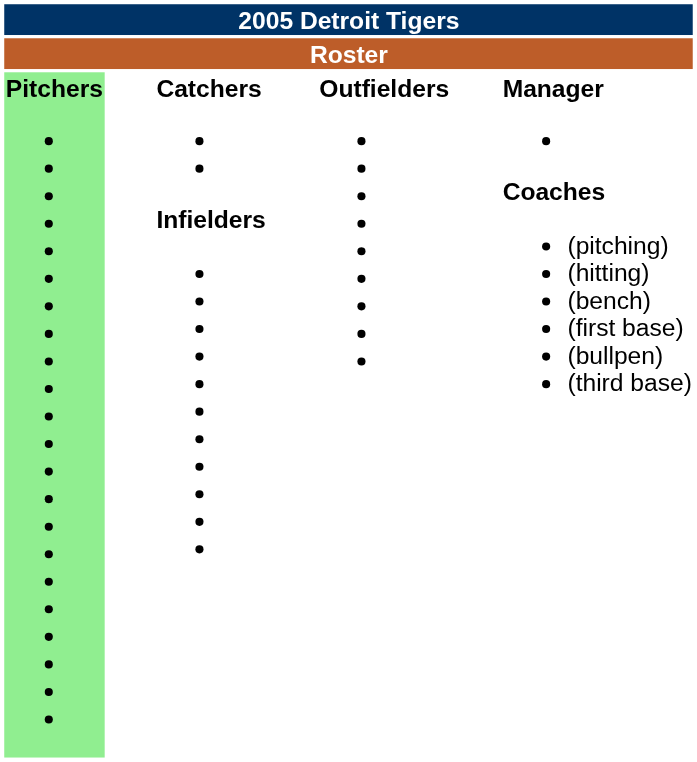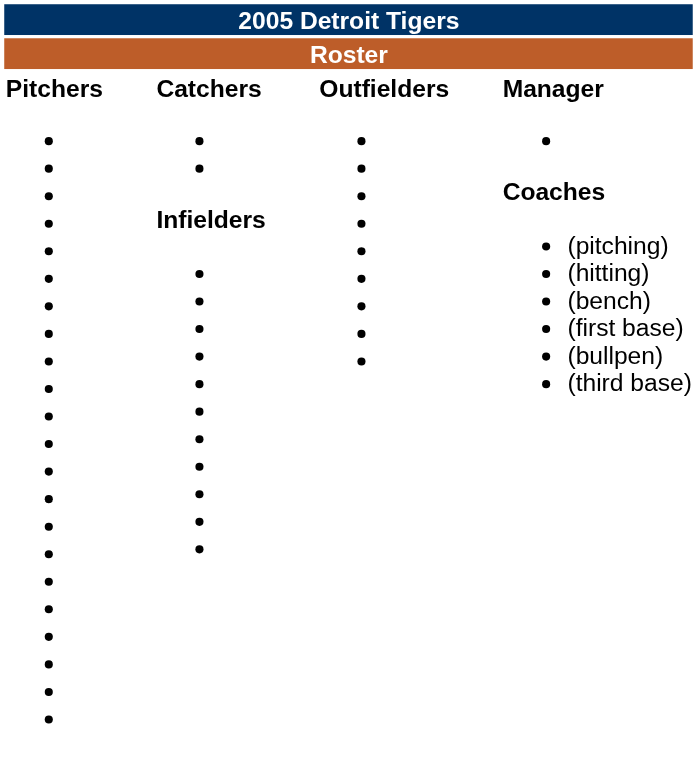 <table class="toccolours" style="font-size: 95%;">
 <tr>
 <th colspan="10" style="background-color: #003366; color: white; text-align: center;">2005 Detroit Tigers</th>
 </tr>
 <tr>
 <td colspan="10" style="background-color: #bd5d29; color: white; text-align: center;"><strong>Roster</strong></td>
 </tr>
 <tr>
-<td valign="top" style="background: lightgreen;"><strong>Pitchers</strong><br><ul><li></li><li></li><li></li><li></li><li></li><li></li><li></li><li></li><li></li><li></li><li></li><li></li><li></li><li></li><li></li><li></li><li></li><li></li><li></li><li></li><li></li><li></li></ul></td>
+<td valign="top"><strong>Pitchers</strong><br><ul><li></li><li></li><li></li><li></li><li></li><li></li><li></li><li></li><li></li><li></li><li></li><li></li><li></li><li></li><li></li><li></li><li></li><li></li><li></li><li></li><li></li><li></li></ul></td>
 <td width="25px"></td>
 <td valign="top"><strong>Catchers</strong><br><ul><li></li><li></li></ul><strong>Infielders</strong><ul><li></li><li></li><li></li><li></li><li></li><li></li><li></li><li></li><li></li><li></li><li></li></ul></td>
 <td width="25px"></td>
 <td valign="top"><strong>Outfielders</strong><br><ul><li></li><li></li><li></li><li></li><li></li><li></li><li></li><li></li><li></li></ul></td>
 <td width="25px"></td>
 <td valign="top"><strong>Manager</strong><br><ul><li></li></ul><strong>Coaches</strong><ul><li> (pitching)</li><li> (hitting)</li><li> (bench)</li><li> (first base)</li><li> (bullpen)</li><li> (third base)</li></ul></td>
 </tr>
 <tr>
 </tr>
 </table>
